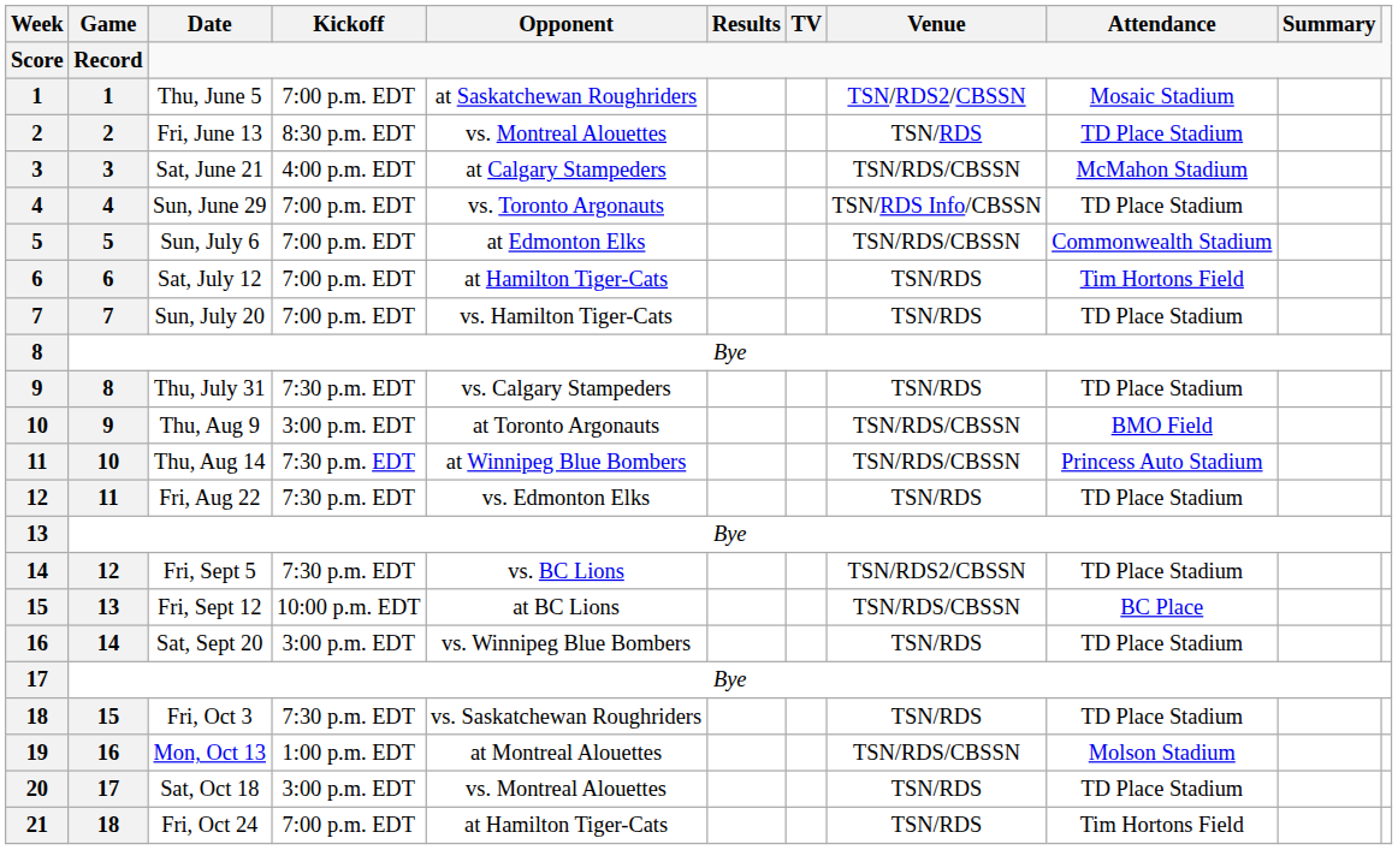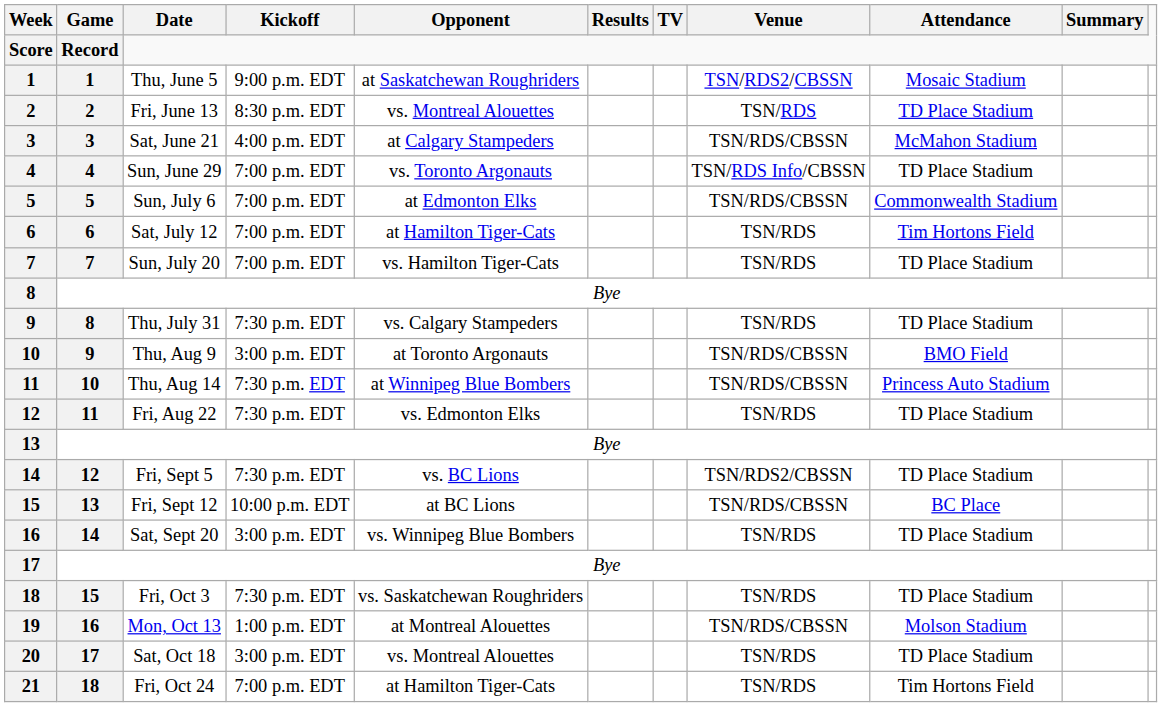 <table class="wikitable" style="font-size: 95%;">
 <tr>
 <th scope="col">Week</th>
 <th scope="col">Game</th>
 <th scope="col">Date</th>
 <th scope="col">Kickoff</th>
 <th scope="col">Opponent</th>
 <th scope="col">Results</th>
 <th scope="col">TV</th>
 <th scope="col">Venue</th>
 <th scope="col">Attendance</th>
 <th scope="col">Summary</th>
 </tr>
 <tr>
 <th scope="col">Score</th>
 <th scope="col">Record</th>
 </tr>
 <tr align="center" bgcolor="#ffffff">
 <th align="center"><strong>1</strong></th>
 <th align="center"><strong>1</strong></th>
 <td align="center">Thu, June 5</td>
-<td align="center">7:00 p.m. EDT</td>
+<td align="center">9:00 p.m. EDT</td>
 <td align="center">at <a href='#'>Saskatchewan Roughriders</a></td>
 <td align="center"></td>
 <td align="center"></td>
 <td align="center"><a href='#'>TSN</a>/<a href='#'>RDS2</a>/<a href='#'>CBSSN</a></td>
 <td align="center"><a href='#'>Mosaic Stadium</a></td>
 <td align="center"></td>
 <td align="center"></td>
 </tr>
 <tr align="center" bgcolor="#ffffff">
 <th align="center"><strong>2</strong></th>
 <th align="center"><strong>2</strong></th>
 <td align="center">Fri, June 13</td>
 <td align="center">8:30 p.m. EDT</td>
 <td align="center">vs. <a href='#'>Montreal Alouettes</a></td>
 <td align="center"></td>
 <td align="center"></td>
 <td align="center">TSN/<a href='#'>RDS</a></td>
 <td align="center"><a href='#'>TD Place Stadium</a></td>
 <td align="center"></td>
 <td align="center"></td>
 </tr>
 <tr align="center" bgcolor="#ffffff">
 <th align="center"><strong>3</strong></th>
 <th align="center"><strong>3</strong></th>
 <td align="center">Sat, June 21</td>
 <td align="center">4:00 p.m. EDT</td>
 <td align="center">at <a href='#'>Calgary Stampeders</a></td>
 <td align="center"></td>
 <td align="center"></td>
 <td align="center">TSN/RDS/CBSSN</td>
 <td align="center"><a href='#'>McMahon Stadium</a></td>
 <td align="center"></td>
 <td align="center"></td>
 </tr>
 <tr align="center" bgcolor="#ffffff">
 <th align="center"><strong>4</strong></th>
 <th align="center"><strong>4</strong></th>
 <td align="center">Sun, June 29</td>
 <td align="center">7:00 p.m. EDT</td>
 <td align="center">vs. <a href='#'>Toronto Argonauts</a></td>
 <td align="center"></td>
 <td align="center"></td>
 <td align="center">TSN/<a href='#'>RDS Info</a>/CBSSN</td>
 <td align="center">TD Place Stadium</td>
 <td align="center"></td>
 <td align="center"></td>
 </tr>
 <tr align="center" bgcolor="#ffffff">
 <th align="center"><strong>5</strong></th>
 <th align="center"><strong>5</strong></th>
 <td align="center">Sun, July 6</td>
 <td align="center">7:00 p.m. EDT</td>
 <td align="center">at <a href='#'>Edmonton Elks</a></td>
 <td align="center"></td>
 <td align="center"></td>
 <td align="center">TSN/RDS/CBSSN</td>
 <td align="center"><a href='#'>Commonwealth Stadium</a></td>
 <td align="center"></td>
 <td align="center"></td>
 </tr>
 <tr align="center" bgcolor="#ffffff">
 <th align="center"><strong>6</strong></th>
 <th align="center"><strong>6</strong></th>
 <td align="center">Sat, July 12</td>
 <td align="center">7:00 p.m. EDT</td>
 <td align="center">at <a href='#'>Hamilton Tiger-Cats</a></td>
 <td align="center"></td>
 <td align="center"></td>
 <td align="center">TSN/RDS</td>
 <td align="center"><a href='#'>Tim Hortons Field</a></td>
 <td align="center"></td>
 <td align="center"></td>
 </tr>
 <tr align="center" bgcolor="#ffffff">
 <th align="center"><strong>7</strong></th>
 <th align="center"><strong>7</strong></th>
 <td align="center">Sun, July 20</td>
 <td align="center">7:00 p.m. EDT</td>
 <td align="center">vs. Hamilton Tiger-Cats</td>
 <td align="center"></td>
 <td align="center"></td>
 <td align="center">TSN/RDS</td>
 <td align="center">TD Place Stadium</td>
 <td align="center"></td>
 <td align="center"></td>
 </tr>
 <tr align="center" bgcolor="#ffffff">
 <th align="center"><strong>8</strong></th>
 <td colspan=10 align="center" valign="middle"><em>Bye</em></td>
 </tr>
 <tr align="center" bgcolor="#ffffff">
 <th align="center"><strong>9</strong></th>
 <th align="center"><strong>8</strong></th>
 <td align="center">Thu, July 31</td>
 <td align="center">7:30 p.m. EDT</td>
 <td align="center">vs. Calgary Stampeders</td>
 <td align="center"></td>
 <td align="center"></td>
 <td align="center">TSN/RDS</td>
 <td align="center">TD Place Stadium</td>
 <td align="center"></td>
 <td align="center"></td>
 </tr>
 <tr align="center" bgcolor="#ffffff">
 <th align="center"><strong>10</strong></th>
 <th align="center"><strong>9</strong></th>
 <td align="center">Thu, Aug 9</td>
 <td align="center">3:00 p.m. EDT</td>
 <td align="center">at Toronto Argonauts</td>
 <td align="center"></td>
 <td align="center"></td>
 <td align="center">TSN/RDS/CBSSN</td>
 <td align="center"><a href='#'>BMO Field</a></td>
 <td align="center"></td>
 <td align="center"></td>
 </tr>
 <tr align="center" bgcolor="#ffffff">
 <th align="center"><strong>11</strong></th>
 <th align="center"><strong>10</strong></th>
 <td align="center">Thu, Aug 14</td>
 <td align="center">7:30 p.m. <a href='#'>EDT</a></td>
 <td align="center">at <a href='#'>Winnipeg Blue Bombers</a></td>
 <td align="center"></td>
 <td align="center"></td>
 <td align="center">TSN/RDS/CBSSN</td>
 <td align="center"><a href='#'>Princess Auto Stadium</a></td>
 <td align="center"></td>
 <td align="center"></td>
 </tr>
 <tr align="center" bgcolor="#ffffff">
 <th align="center"><strong>12</strong></th>
 <th align="center"><strong>11</strong></th>
 <td align="center">Fri, Aug 22</td>
 <td align="center">7:30 p.m. EDT</td>
 <td align="center">vs. Edmonton Elks</td>
 <td align="center"></td>
 <td align="center"></td>
 <td align="center">TSN/RDS</td>
 <td align="center">TD Place Stadium</td>
 <td align="center"></td>
 <td align="center"></td>
 </tr>
 <tr align="center" bgcolor="#ffffff">
 <th align="center"><strong>13</strong></th>
 <td colspan=10 align="center" valign="middle"><em>Bye</em></td>
 </tr>
 <tr align="center" bgcolor="#ffffff">
 <th align="center"><strong>14</strong></th>
 <th align="center"><strong>12</strong></th>
 <td align="center">Fri, Sept 5</td>
 <td align="center">7:30 p.m. EDT</td>
 <td align="center">vs. <a href='#'>BC Lions</a></td>
 <td align="center"></td>
 <td align="center"></td>
 <td align="center">TSN/RDS2/CBSSN</td>
 <td align="center">TD Place Stadium</td>
 <td align="center"></td>
 <td align="center"></td>
 </tr>
 <tr align="center" bgcolor="#ffffff">
 <th align="center"><strong>15</strong></th>
 <th align="center"><strong>13</strong></th>
 <td align="center">Fri, Sept 12</td>
 <td align="center">10:00 p.m. EDT</td>
 <td align="center">at BC Lions</td>
 <td align="center"></td>
 <td align="center"></td>
 <td align="center">TSN/RDS/CBSSN</td>
 <td align="center"><a href='#'>BC Place</a></td>
 <td align="center"></td>
 <td align="center"></td>
 </tr>
 <tr align="center" bgcolor="#ffffff">
 <th align="center"><strong>16</strong></th>
 <th align="center"><strong>14</strong></th>
 <td align="center">Sat, Sept 20</td>
 <td align="center">3:00 p.m. EDT</td>
 <td align="center">vs. Winnipeg Blue Bombers</td>
 <td align="center"></td>
 <td align="center"></td>
 <td align="center">TSN/RDS</td>
 <td align="center">TD Place Stadium</td>
 <td align="center"></td>
 <td align="center"></td>
 </tr>
 <tr align="center" bgcolor="#ffffff">
 <th align="center"><strong>17</strong></th>
 <td colspan=10 align="center" valign="middle"><em>Bye</em></td>
 </tr>
 <tr align="center" bgcolor="#ffffff">
 <th align="center"><strong>18</strong></th>
 <th align="center"><strong>15</strong></th>
 <td align="center">Fri, Oct 3</td>
 <td align="center">7:30 p.m. EDT</td>
 <td align="center">vs. Saskatchewan Roughriders</td>
 <td align="center"></td>
 <td align="center"></td>
 <td align="center">TSN/RDS</td>
 <td align="center">TD Place Stadium</td>
 <td align="center"></td>
 <td align="center"></td>
 </tr>
 <tr align="center" bgcolor="#ffffff">
 <th align="center"><strong>19</strong></th>
 <th align="center"><strong>16</strong></th>
 <td align="center"><a href='#'>Mon, Oct 13</a></td>
 <td align="center">1:00 p.m. EDT</td>
 <td align="center">at Montreal Alouettes</td>
 <td align="center"></td>
 <td align="center"></td>
 <td align="center">TSN/RDS/CBSSN</td>
 <td align="center"><a href='#'>Molson Stadium</a></td>
 <td align="center"></td>
 <td align="center"></td>
 </tr>
 <tr align="center" bgcolor="#ffffff">
 <th align="center"><strong>20</strong></th>
 <th align="center"><strong>17</strong></th>
 <td align="center">Sat, Oct 18</td>
 <td align="center">3:00 p.m. EDT</td>
 <td align="center">vs. Montreal Alouettes</td>
 <td align="center"></td>
 <td align="center"></td>
 <td align="center">TSN/RDS</td>
 <td align="center">TD Place Stadium</td>
 <td align="center"></td>
 <td align="center"></td>
 </tr>
 <tr align="center" bgcolor="#ffffff">
 <th align="center"><strong>21</strong></th>
 <th align="center"><strong>18</strong></th>
 <td align="center">Fri, Oct 24</td>
 <td align="center">7:00 p.m. EDT</td>
 <td align="center">at Hamilton Tiger-Cats</td>
 <td align="center"></td>
 <td align="center"></td>
 <td align="center">TSN/RDS</td>
 <td align="center">Tim Hortons Field</td>
 <td align="center"></td>
 <td align="center"></td>
 </tr>
 </table>
